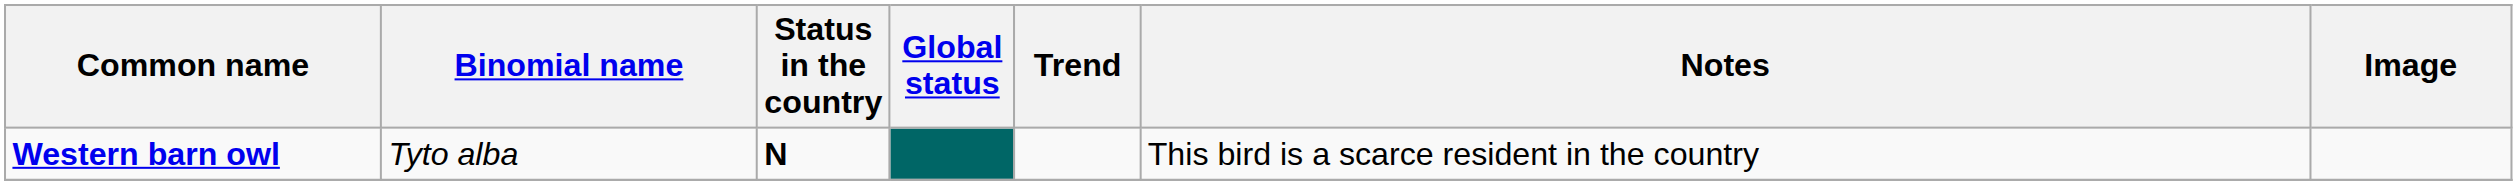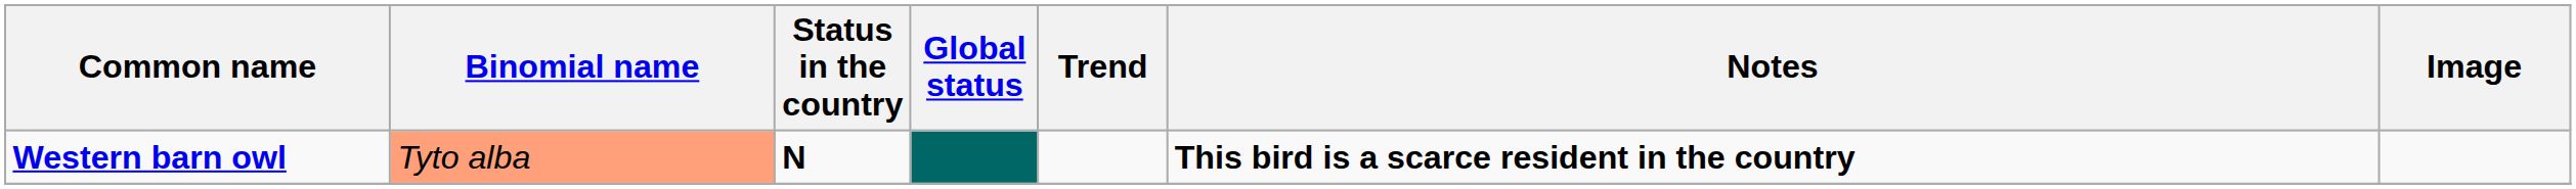 <table class="wikitable sortable">
 <tr>
 <th width="15%">Common name</th>
 <th width="15%"><a href='#'>Binomial name</a></th>
 <th data-sort-type="number" width="1%">Status in the country</th>
 <th width="5%"><a href='#'>Global status</a></th>
 <th width="5%">Trend</th>
 <th class="unsortable">Notes</th>
 <th class="unsortable">Image</th>
 </tr>
 <tr>
 <td><strong><a href='#'>Western barn owl</a></strong></td>
-<td><em>Tyto alba</em></td>
+<td style="background: lightsalmon;"><em>Tyto alba</em></td>
 <td><strong>N</strong></td>
 <td align=center style="background: #006666"></td>
 <td align=center></td>
-<td>This bird is a scarce resident in the country</td>
+<td><strong>This bird is a scarce resident in the country</strong></td>
 <td></td>
 </tr>
 <tr>
 </tr>
 </table>
